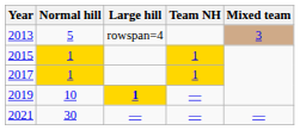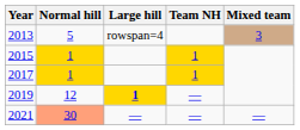 <table class="wikitable" "text-align:center;">
 <tr>
 <th>Year</th>
 <th>Normal hill</th>
 <th>Large hill</th>
 <th>Team NH</th>
 <th>Mixed team</th>
 </tr>
 <tr align=center>
 <td><a href='#'>2013</a></td>
 <td><a href='#'>5</a></td>
 <td>rowspan=4 </td>
 <td></td>
 <td bgcolor=cfaa88><a href='#'>3</a></td>
 </tr>
 <tr align=center>
 <td><a href='#'>2015</a></td>
 <td bgcolor=gold><a href='#'>1</a></td>
 <td></td>
 <td bgcolor=gold><a href='#'>1</a></td>
 </tr>
 <tr align=center>
 <td><a href='#'>2017</a></td>
 <td bgcolor=gold><a href='#'>1</a></td>
 <td></td>
 <td bgcolor=gold><a href='#'>1</a></td>
 </tr>
 <tr align=center>
 <td><a href='#'>2019</a></td>
-<td><a href='#'>10</a></td>
+<td><a href='#'>12</a></td>
 <td bgcolor=gold><strong><a href='#'>1</a></strong></td>
 <td><a href='#'>—</a></td>
 </tr>
 <tr align=center>
 <td><a href='#'>2021</a></td>
-<td><a href='#'>30</a></td>
+<td style="background: lightsalmon;"><a href='#'>30</a></td>
 <td><a href='#'>—</a></td>
 <td><a href='#'>—</a></td>
 <td><a href='#'>—</a></td>
 </tr>
 </table>
